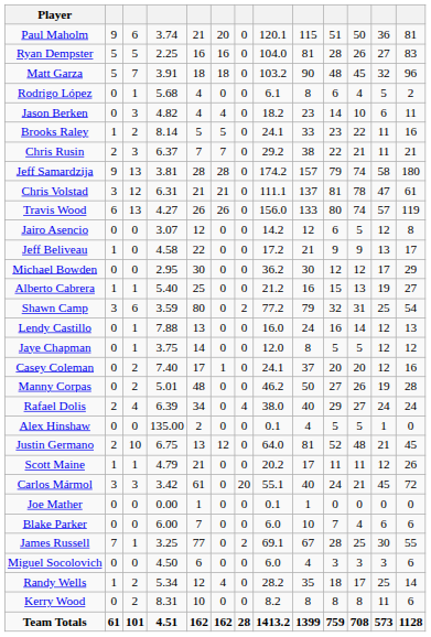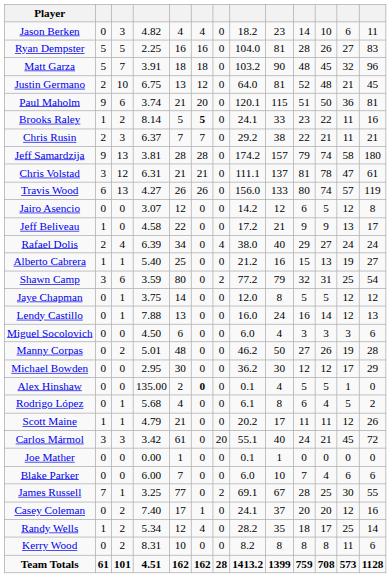 <table class="wikitable sortable" style="text-align:center;">
 <tr>
 <th>Player</th>
 <th></th>
 <th></th>
 <th></th>
 <th></th>
 <th></th>
 <th></th>
 <th></th>
 <th></th>
 <th></th>
 <th></th>
 <th></th>
 <th></th>
 </tr>
 <tr>
-<td><a href='#'>Paul Maholm</a></td>
-<td>9</td>
+<td><a href='#'>Jason Berken</a></td>
+<td>0</td>
+<td>3</td>
+<td>4.82</td>
+<td>4</td>
+<td>4</td>
+<td>0</td>
+<td>18.2</td>
+<td>23</td>
+<td>14</td>
+<td>10</td>
 <td>6</td>
-<td>3.74</td>
-<td>21</td>
-<td>20</td>
-<td>0</td>
-<td>120.1</td>
-<td>115</td>
-<td>51</td>
-<td>50</td>
-<td>36</td>
-<td>81</td>
+<td>11</td>
 </tr>
 <tr>
 <td><a href='#'>Ryan Dempster</a></td>
 <td>5</td>
 <td>5</td>
 <td>2.25</td>
 <td>16</td>
 <td>16</td>
 <td>0</td>
 <td>104.0</td>
 <td>81</td>
 <td>28</td>
 <td>26</td>
 <td>27</td>
 <td>83</td>
 </tr>
 <tr>
 <td><a href='#'>Matt Garza</a></td>
 <td>5</td>
 <td>7</td>
 <td>3.91</td>
 <td>18</td>
 <td>18</td>
 <td>0</td>
 <td>103.2</td>
 <td>90</td>
 <td>48</td>
 <td>45</td>
 <td>32</td>
 <td>96</td>
 </tr>
 <tr>
-<td><a href='#'>Rodrigo López</a></td>
+<td><a href='#'>Justin Germano</a></td>
+<td>2</td>
+<td>10</td>
+<td>6.75</td>
+<td>13</td>
+<td>12</td>
 <td>0</td>
-<td>1</td>
-<td>5.68</td>
-<td>4</td>
-<td>0</td>
-<td>0</td>
-<td>6.1</td>
-<td>8</td>
-<td>6</td>
-<td>4</td>
-<td>5</td>
-<td>2</td>
+<td>64.0</td>
+<td>81</td>
+<td>52</td>
+<td>48</td>
+<td>21</td>
+<td>45</td>
 </tr>
 <tr>
-<td><a href='#'>Jason Berken</a></td>
+<td><a href='#'>Paul Maholm</a></td>
+<td>9</td>
+<td>6</td>
+<td>3.74</td>
+<td>21</td>
+<td>20</td>
 <td>0</td>
-<td>3</td>
-<td>4.82</td>
-<td>4</td>
-<td>4</td>
-<td>0</td>
-<td>18.2</td>
-<td>23</td>
-<td>14</td>
-<td>10</td>
-<td>6</td>
-<td>11</td>
+<td>120.1</td>
+<td>115</td>
+<td>51</td>
+<td>50</td>
+<td>36</td>
+<td>81</td>
 </tr>
 <tr>
 <td><a href='#'>Brooks Raley</a></td>
 <td>1</td>
 <td>2</td>
 <td>8.14</td>
 <td>5</td>
-<td>5</td>
+<td><strong>5</strong></td>
 <td>0</td>
 <td>24.1</td>
 <td>33</td>
 <td>23</td>
 <td>22</td>
 <td>11</td>
 <td>16</td>
 </tr>
 <tr>
 <td><a href='#'>Chris Rusin</a></td>
 <td>2</td>
 <td>3</td>
 <td>6.37</td>
 <td>7</td>
 <td>7</td>
 <td>0</td>
 <td>29.2</td>
 <td>38</td>
 <td>22</td>
 <td>21</td>
 <td>11</td>
 <td>21</td>
 </tr>
 <tr>
 <td><a href='#'>Jeff Samardzija</a></td>
 <td>9</td>
 <td>13</td>
 <td>3.81</td>
 <td>28</td>
 <td>28</td>
 <td>0</td>
 <td>174.2</td>
 <td>157</td>
 <td>79</td>
 <td>74</td>
 <td>58</td>
 <td>180</td>
 </tr>
 <tr>
 <td><a href='#'>Chris Volstad</a></td>
 <td>3</td>
 <td>12</td>
 <td>6.31</td>
 <td>21</td>
 <td>21</td>
 <td>0</td>
 <td>111.1</td>
 <td>137</td>
 <td>81</td>
 <td>78</td>
 <td>47</td>
 <td>61</td>
 </tr>
 <tr>
 <td><a href='#'>Travis Wood</a></td>
 <td>6</td>
 <td>13</td>
 <td>4.27</td>
 <td>26</td>
 <td>26</td>
 <td>0</td>
 <td>156.0</td>
 <td>133</td>
 <td>80</td>
 <td>74</td>
 <td>57</td>
 <td>119</td>
 </tr>
 <tr>
 <td><a href='#'>Jairo Asencio</a></td>
 <td>0</td>
 <td>0</td>
 <td>3.07</td>
 <td>12</td>
 <td>0</td>
 <td>0</td>
 <td>14.2</td>
 <td>12</td>
 <td>6</td>
 <td>5</td>
 <td>12</td>
 <td>8</td>
 </tr>
 <tr>
 <td><a href='#'>Jeff Beliveau</a></td>
 <td>1</td>
 <td>0</td>
 <td>4.58</td>
 <td>22</td>
 <td>0</td>
 <td>0</td>
 <td>17.2</td>
 <td>21</td>
 <td>9</td>
 <td>9</td>
 <td>13</td>
 <td>17</td>
 </tr>
 <tr>
-<td><a href='#'>Michael Bowden</a></td>
+<td><a href='#'>Rafael Dolis</a></td>
+<td>2</td>
+<td>4</td>
+<td>6.39</td>
+<td>34</td>
 <td>0</td>
-<td>0</td>
-<td>2.95</td>
-<td>30</td>
-<td>0</td>
-<td>0</td>
-<td>36.2</td>
-<td>30</td>
-<td>12</td>
-<td>12</td>
-<td>17</td>
+<td>4</td>
+<td>38.0</td>
+<td>40</td>
 <td>29</td>
+<td>27</td>
+<td>24</td>
+<td>24</td>
 </tr>
 <tr>
 <td><a href='#'>Alberto Cabrera</a></td>
 <td>1</td>
 <td>1</td>
 <td>5.40</td>
 <td>25</td>
 <td>0</td>
 <td>0</td>
 <td>21.2</td>
 <td>16</td>
 <td>15</td>
 <td>13</td>
 <td>19</td>
 <td>27</td>
 </tr>
 <tr>
 <td><a href='#'>Shawn Camp</a></td>
 <td>3</td>
 <td>6</td>
 <td>3.59</td>
 <td>80</td>
 <td>0</td>
 <td>2</td>
 <td>77.2</td>
 <td>79</td>
 <td>32</td>
 <td>31</td>
 <td>25</td>
 <td>54</td>
 </tr>
 <tr>
+<td><a href='#'>Jaye Chapman</a></td>
+<td>0</td>
+<td>1</td>
+<td>3.75</td>
+<td>14</td>
+<td>0</td>
+<td>0</td>
+<td>12.0</td>
+<td>8</td>
+<td>5</td>
+<td>5</td>
+<td>12</td>
+<td>12</td>
+</tr>
+<tr>
 <td><a href='#'>Lendy Castillo</a></td>
 <td>0</td>
 <td>1</td>
 <td>7.88</td>
 <td>13</td>
 <td>0</td>
 <td>0</td>
 <td>16.0</td>
 <td>24</td>
 <td>16</td>
 <td>14</td>
 <td>12</td>
 <td>13</td>
 </tr>
 <tr>
-<td><a href='#'>Jaye Chapman</a></td>
-<td>0</td>
-<td>1</td>
-<td>3.75</td>
-<td>14</td>
+<td><a href='#'>Miguel Socolovich</a></td>
 <td>0</td>
 <td>0</td>
-<td>12.0</td>
-<td>8</td>
-<td>5</td>
-<td>5</td>
-<td>12</td>
-<td>12</td>
-</tr>
-<tr>
-<td><a href='#'>Casey Coleman</a></td>
+<td>4.50</td>
+<td>6</td>
 <td>0</td>
-<td>2</td>
-<td>7.40</td>
-<td>17</td>
-<td>1</td>
 <td>0</td>
-<td>24.1</td>
-<td>37</td>
-<td>20</td>
-<td>20</td>
-<td>12</td>
-<td>16</td>
+<td>6.0</td>
+<td>4</td>
+<td>3</td>
+<td>3</td>
+<td>3</td>
+<td>6</td>
 </tr>
 <tr>
 <td><a href='#'>Manny Corpas</a></td>
 <td>0</td>
 <td>2</td>
 <td>5.01</td>
 <td>48</td>
 <td>0</td>
 <td>0</td>
 <td>46.2</td>
 <td>50</td>
 <td>27</td>
 <td>26</td>
 <td>19</td>
 <td>28</td>
 </tr>
 <tr>
-<td><a href='#'>Rafael Dolis</a></td>
-<td>2</td>
-<td>4</td>
-<td>6.39</td>
-<td>34</td>
+<td><a href='#'>Michael Bowden</a></td>
 <td>0</td>
-<td>4</td>
-<td>38.0</td>
-<td>40</td>
+<td>0</td>
+<td>2.95</td>
+<td>30</td>
+<td>0</td>
+<td>0</td>
+<td>36.2</td>
+<td>30</td>
+<td>12</td>
+<td>12</td>
+<td>17</td>
 <td>29</td>
-<td>27</td>
-<td>24</td>
-<td>24</td>
 </tr>
 <tr>
 <td><a href='#'>Alex Hinshaw</a></td>
 <td>0</td>
 <td>0</td>
 <td>135.00</td>
 <td>2</td>
-<td>0</td>
+<td><strong>0</strong></td>
 <td>0</td>
 <td>0.1</td>
 <td>4</td>
 <td>5</td>
 <td>5</td>
 <td>1</td>
 <td>0</td>
 </tr>
 <tr>
-<td><a href='#'>Justin Germano</a></td>
+<td><a href='#'>Rodrigo López</a></td>
+<td>0</td>
+<td>1</td>
+<td>5.68</td>
+<td>4</td>
+<td>0</td>
+<td>0</td>
+<td>6.1</td>
+<td>8</td>
+<td>6</td>
+<td>4</td>
+<td>5</td>
 <td>2</td>
-<td>10</td>
-<td>6.75</td>
-<td>13</td>
-<td>12</td>
-<td>0</td>
-<td>64.0</td>
-<td>81</td>
-<td>52</td>
-<td>48</td>
-<td>21</td>
-<td>45</td>
 </tr>
 <tr>
 <td><a href='#'>Scott Maine</a></td>
 <td>1</td>
 <td>1</td>
 <td>4.79</td>
 <td>21</td>
 <td>0</td>
 <td>0</td>
 <td>20.2</td>
 <td>17</td>
 <td>11</td>
 <td>11</td>
 <td>12</td>
 <td>26</td>
 </tr>
 <tr>
 <td><a href='#'>Carlos Mármol</a></td>
 <td>3</td>
 <td>3</td>
 <td>3.42</td>
 <td>61</td>
 <td>0</td>
 <td>20</td>
 <td>55.1</td>
 <td>40</td>
 <td>24</td>
 <td>21</td>
 <td>45</td>
 <td>72</td>
 </tr>
 <tr>
 <td><a href='#'>Joe Mather</a></td>
 <td>0</td>
 <td>0</td>
 <td>0.00</td>
 <td>1</td>
 <td>0</td>
 <td>0</td>
 <td>0.1</td>
 <td>1</td>
 <td>0</td>
 <td>0</td>
 <td>0</td>
 <td>0</td>
 </tr>
 <tr>
 <td><a href='#'>Blake Parker</a></td>
 <td>0</td>
 <td>0</td>
 <td>6.00</td>
 <td>7</td>
 <td>0</td>
 <td>0</td>
 <td>6.0</td>
 <td>10</td>
 <td>7</td>
 <td>4</td>
 <td>6</td>
 <td>6</td>
 </tr>
 <tr>
 <td><a href='#'>James Russell</a></td>
 <td>7</td>
 <td>1</td>
 <td>3.25</td>
 <td>77</td>
 <td>0</td>
 <td>2</td>
 <td>69.1</td>
 <td>67</td>
 <td>28</td>
 <td>25</td>
 <td>30</td>
 <td>55</td>
 </tr>
 <tr>
-<td><a href='#'>Miguel Socolovich</a></td>
+<td><a href='#'>Casey Coleman</a></td>
 <td>0</td>
+<td>2</td>
+<td>7.40</td>
+<td>17</td>
+<td>1</td>
 <td>0</td>
-<td>4.50</td>
-<td>6</td>
-<td>0</td>
-<td>0</td>
-<td>6.0</td>
-<td>4</td>
-<td>3</td>
-<td>3</td>
-<td>3</td>
-<td>6</td>
+<td>24.1</td>
+<td>37</td>
+<td>20</td>
+<td>20</td>
+<td>12</td>
+<td>16</td>
 </tr>
 <tr>
 <td><a href='#'>Randy Wells</a></td>
 <td>1</td>
 <td>2</td>
 <td>5.34</td>
 <td>12</td>
 <td>4</td>
 <td>0</td>
 <td>28.2</td>
 <td>35</td>
 <td>18</td>
 <td>17</td>
 <td>25</td>
 <td>14</td>
 </tr>
 <tr>
 <td><a href='#'>Kerry Wood</a></td>
 <td>0</td>
 <td>2</td>
 <td>8.31</td>
 <td>10</td>
 <td>0</td>
 <td>0</td>
 <td>8.2</td>
 <td>8</td>
 <td>8</td>
 <td>8</td>
 <td>11</td>
 <td>6</td>
 </tr>
 <tr align=center>
 <td><strong>Team Totals</strong></td>
 <td><strong>61</strong></td>
 <td><strong>101</strong></td>
 <td><strong>4.51</strong></td>
 <td><strong>162</strong></td>
 <td><strong>162</strong></td>
 <td><strong>28</strong></td>
 <td><strong>1413.2</strong></td>
 <td><strong>1399</strong></td>
 <td><strong>759</strong></td>
 <td><strong>708</strong></td>
 <td><strong>573</strong></td>
 <td><strong>1128</strong></td>
 </tr>
 </table>
